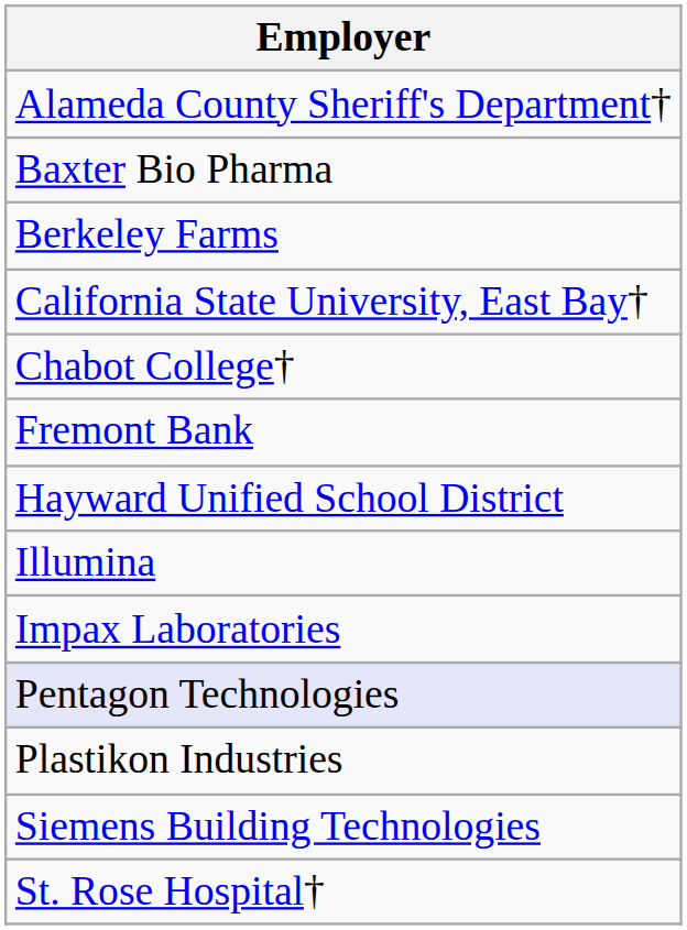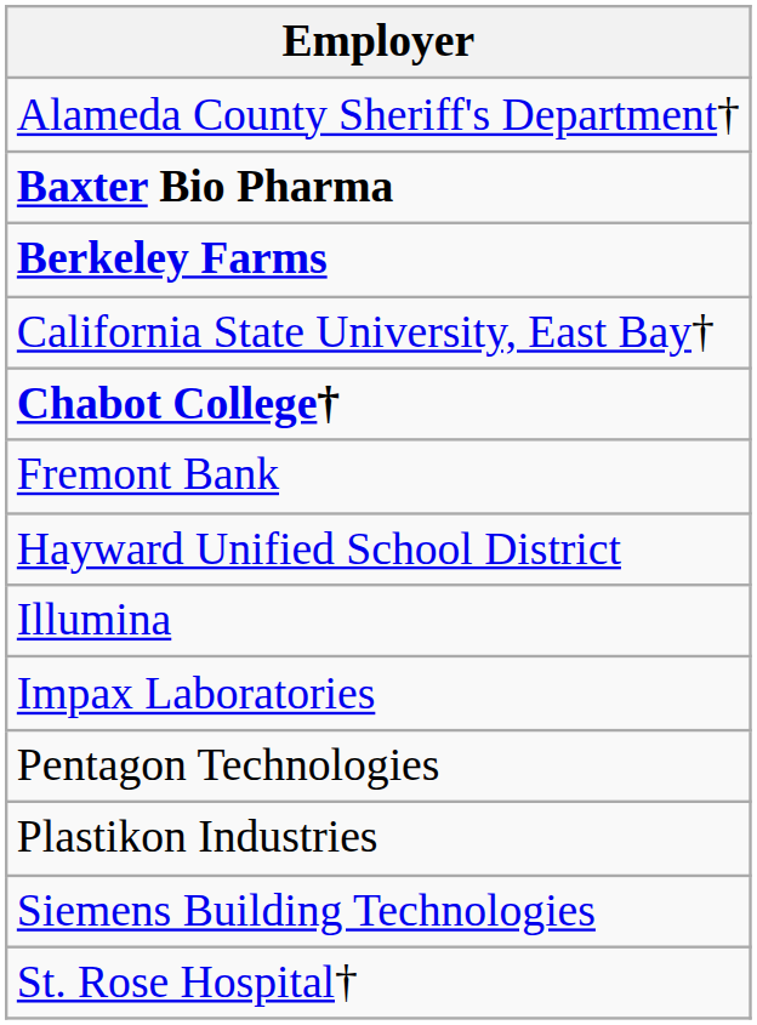 <table class="wikitable">
 <tr>
 <th>Employer</th>
 </tr>
 <tr>
 <td><a href='#'>Alameda County Sheriff's Department</a>†</td>
 </tr>
 <tr>
-<td><a href='#'>Baxter</a> Bio Pharma</td>
+<td><strong><a href='#'>Baxter</a> Bio Pharma</strong></td>
 </tr>
 <tr>
-<td><a href='#'>Berkeley Farms</a></td>
+<td><strong><a href='#'>Berkeley Farms</a></strong></td>
 </tr>
 <tr>
 <td><a href='#'>California State University, East Bay</a>†</td>
 </tr>
 <tr>
-<td><a href='#'>Chabot College</a>†</td>
+<td><strong><a href='#'>Chabot College</a>†</strong></td>
 </tr>
 <tr>
 <td><a href='#'>Fremont Bank</a></td>
 </tr>
 <tr>
 <td><a href='#'>Hayward Unified School District</a></td>
 </tr>
 <tr>
 <td><a href='#'>Illumina</a></td>
 </tr>
 <tr>
 <td><a href='#'>Impax Laboratories</a></td>
 </tr>
 <tr>
-<td style="background: lavender;">Pentagon Technologies</td>
+<td>Pentagon Technologies</td>
 </tr>
 <tr>
 <td>Plastikon Industries</td>
 </tr>
 <tr>
 <td><a href='#'>Siemens Building Technologies</a></td>
 </tr>
 <tr>
 <td><a href='#'>St. Rose Hospital</a>†</td>
 </tr>
 </table>
